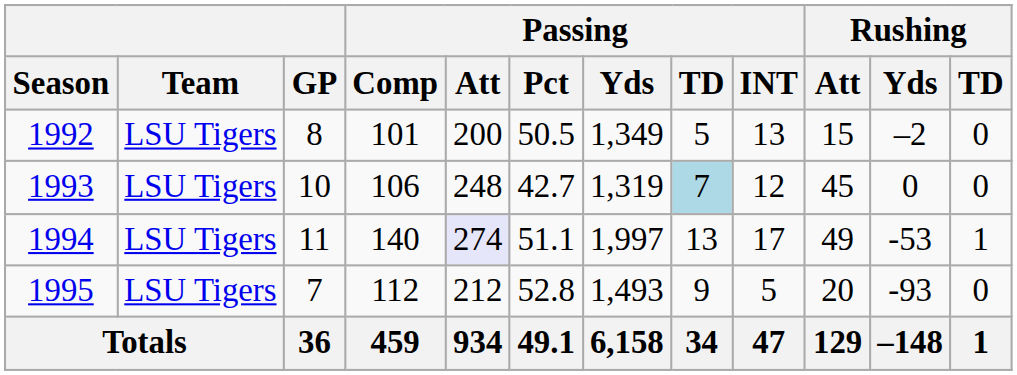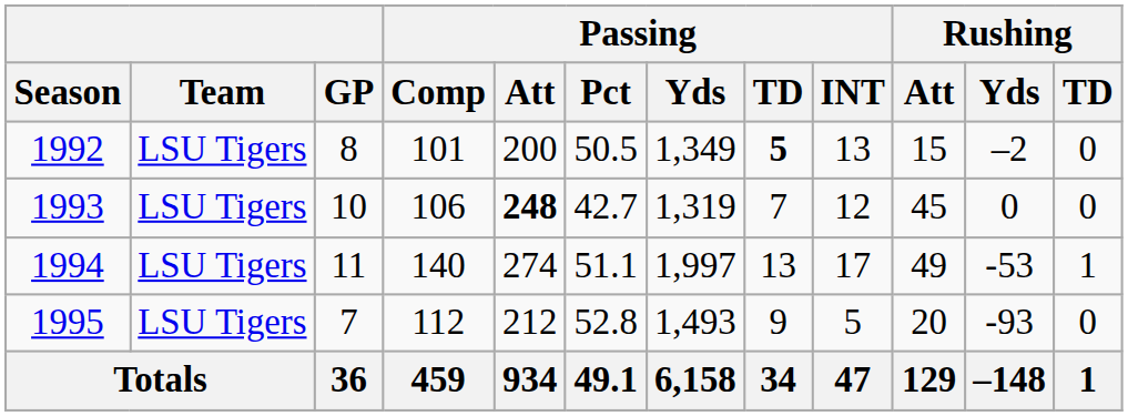 <table class="wikitable" style="text-align:center;">
 <tr>
 <th colspan=3></th>
 <th colspan=6>Passing</th>
 <th colspan=3>Rushing</th>
 </tr>
 <tr>
 <th>Season</th>
 <th>Team</th>
 <th>GP</th>
 <th>Comp</th>
 <th>Att</th>
 <th>Pct</th>
 <th>Yds</th>
 <th>TD</th>
 <th>INT</th>
 <th>Att</th>
 <th>Yds</th>
 <th>TD</th>
 </tr>
 <tr>
 <td><a href='#'>1992</a></td>
 <td><a href='#'>LSU Tigers</a></td>
 <td>8</td>
 <td>101</td>
 <td>200</td>
 <td>50.5</td>
 <td>1,349</td>
-<td>5</td>
+<td><strong>5</strong></td>
 <td>13</td>
 <td>15</td>
 <td>–2</td>
 <td>0</td>
 </tr>
 <tr>
 <td><a href='#'>1993</a></td>
 <td><a href='#'>LSU Tigers</a></td>
 <td>10</td>
 <td>106</td>
-<td>248</td>
+<td><strong>248</strong></td>
 <td>42.7</td>
 <td>1,319</td>
-<td style="background: lightblue;">7</td>
+<td>7</td>
 <td>12</td>
 <td>45</td>
 <td>0</td>
 <td>0</td>
 </tr>
 <tr>
 <td><a href='#'>1994</a></td>
 <td><a href='#'>LSU Tigers</a></td>
 <td>11</td>
 <td>140</td>
-<td style="background: lavender;">274</td>
+<td>274</td>
 <td>51.1</td>
 <td>1,997</td>
 <td>13</td>
 <td>17</td>
 <td>49</td>
 <td>-53</td>
 <td>1</td>
 </tr>
 <tr>
 <td><a href='#'>1995</a></td>
 <td><a href='#'>LSU Tigers</a></td>
 <td>7</td>
 <td>112</td>
 <td>212</td>
 <td>52.8</td>
 <td>1,493</td>
 <td>9</td>
 <td>5</td>
 <td>20</td>
 <td>-93</td>
 <td>0</td>
 </tr>
 <tr>
 <th colspan=2>Totals</th>
 <th>36</th>
 <th>459</th>
 <th>934</th>
 <th>49.1</th>
 <th>6,158</th>
 <th>34</th>
 <th>47</th>
 <th>129</th>
 <th>–148</th>
 <th>1</th>
 </tr>
 </table>
